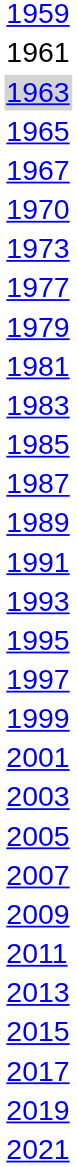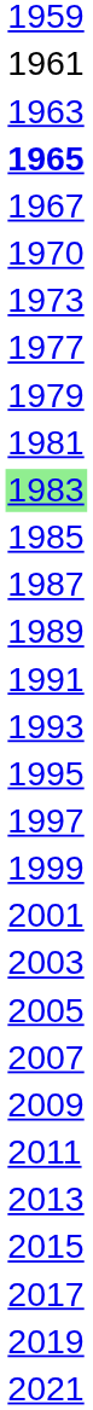 <table>
 <tr>
 <td><a href='#'>1959</a></td>
 <td></td>
 <td></td>
 <td></td>
 </tr>
 <tr>
 <td>1961</td>
 <td></td>
 <td></td>
 <td></td>
 </tr>
 <tr>
-<td style="background: lightgrey;"><a href='#'>1963</a></td>
+<td><a href='#'>1963</a></td>
 <td></td>
 <td></td>
 <td></td>
 </tr>
 <tr>
-<td><a href='#'>1965</a></td>
+<td><strong><a href='#'>1965</a></strong></td>
 <td></td>
 <td></td>
 <td></td>
 </tr>
 <tr>
 <td><a href='#'>1967</a></td>
 <td></td>
 <td></td>
 <td></td>
 </tr>
 <tr>
 <td><a href='#'>1970</a></td>
 <td></td>
 <td></td>
 <td></td>
 </tr>
 <tr>
 <td><a href='#'>1973</a></td>
 <td></td>
 <td></td>
 <td></td>
 </tr>
 <tr>
 <td><a href='#'>1977</a></td>
 <td></td>
 <td></td>
 <td></td>
 </tr>
 <tr>
 <td><a href='#'>1979</a></td>
 <td></td>
 <td></td>
 <td></td>
 </tr>
 <tr>
 <td><a href='#'>1981</a></td>
 <td></td>
 <td></td>
 <td></td>
 </tr>
 <tr>
-<td><a href='#'>1983</a></td>
+<td style="background: lightgreen;"><a href='#'>1983</a></td>
 <td></td>
 <td></td>
 <td></td>
 </tr>
 <tr>
 <td><a href='#'>1985</a></td>
 <td></td>
 <td></td>
 <td></td>
 </tr>
 <tr>
 <td><a href='#'>1987</a></td>
 <td></td>
 <td></td>
 <td></td>
 </tr>
 <tr>
 <td><a href='#'>1989</a></td>
 <td></td>
 <td></td>
 <td></td>
 </tr>
 <tr>
 <td><a href='#'>1991</a></td>
 <td></td>
 <td></td>
 <td></td>
 </tr>
 <tr>
 <td><a href='#'>1993</a></td>
 <td></td>
 <td></td>
 <td></td>
 </tr>
 <tr>
 <td><a href='#'>1995</a></td>
 <td></td>
 <td></td>
 <td></td>
 </tr>
 <tr>
 <td><a href='#'>1997</a></td>
 <td></td>
 <td></td>
 <td></td>
 </tr>
 <tr>
 <td><a href='#'>1999</a></td>
 <td></td>
 <td></td>
 <td></td>
 </tr>
 <tr>
 <td><a href='#'>2001</a></td>
 <td></td>
 <td></td>
 <td></td>
 </tr>
 <tr>
 <td><a href='#'>2003</a></td>
 <td></td>
 <td></td>
 <td></td>
 </tr>
 <tr>
 <td><a href='#'>2005</a></td>
 <td></td>
 <td></td>
 <td></td>
 </tr>
 <tr>
 <td><a href='#'>2007</a></td>
 <td></td>
 <td></td>
 <td></td>
 </tr>
 <tr>
 <td><a href='#'>2009</a></td>
 <td></td>
 <td></td>
 <td></td>
 </tr>
 <tr>
 <td><a href='#'>2011</a></td>
 <td></td>
 <td></td>
 <td></td>
 </tr>
 <tr>
 <td><a href='#'>2013</a></td>
 <td></td>
 <td></td>
 <td></td>
 </tr>
 <tr>
 <td><a href='#'>2015</a></td>
 <td></td>
 <td></td>
 <td></td>
 </tr>
 <tr>
 <td><a href='#'>2017</a></td>
 <td></td>
 <td></td>
 <td></td>
 </tr>
 <tr>
 <td><a href='#'>2019</a></td>
 <td></td>
 <td></td>
 <td></td>
 </tr>
 <tr>
 <td><a href='#'>2021</a></td>
 <td></td>
 <td></td>
 <td></td>
 </tr>
 </table>
